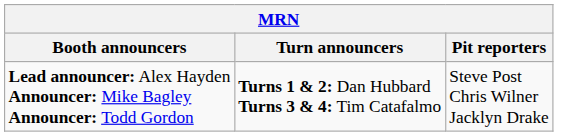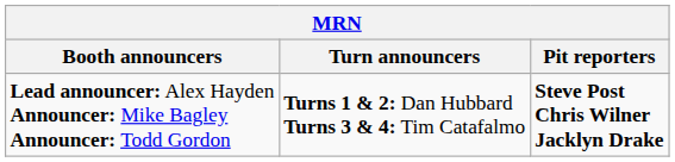 <table class="wikitable" style="font-size: 95%">
 <tr>
 <th colspan="3"><a href='#'>MRN</a></th>
 </tr>
 <tr>
 <th>Booth announcers</th>
 <th>Turn announcers</th>
 <th>Pit reporters</th>
 </tr>
 <tr>
 <td><strong>Lead announcer:</strong> Alex Hayden<br><strong>Announcer:</strong> <a href='#'>Mike Bagley</a><br><strong>Announcer:</strong> <a href='#'>Todd Gordon</a></td>
 <td><strong>Turns 1 & 2:</strong> Dan Hubbard<br><strong>Turns 3 & 4:</strong> Tim Catafalmo</td>
-<td>Steve Post<br>Chris Wilner<br>Jacklyn Drake</td>
+<td><strong>Steve Post<br>Chris Wilner<br>Jacklyn Drake</strong></td>
 </tr>
 </table>
